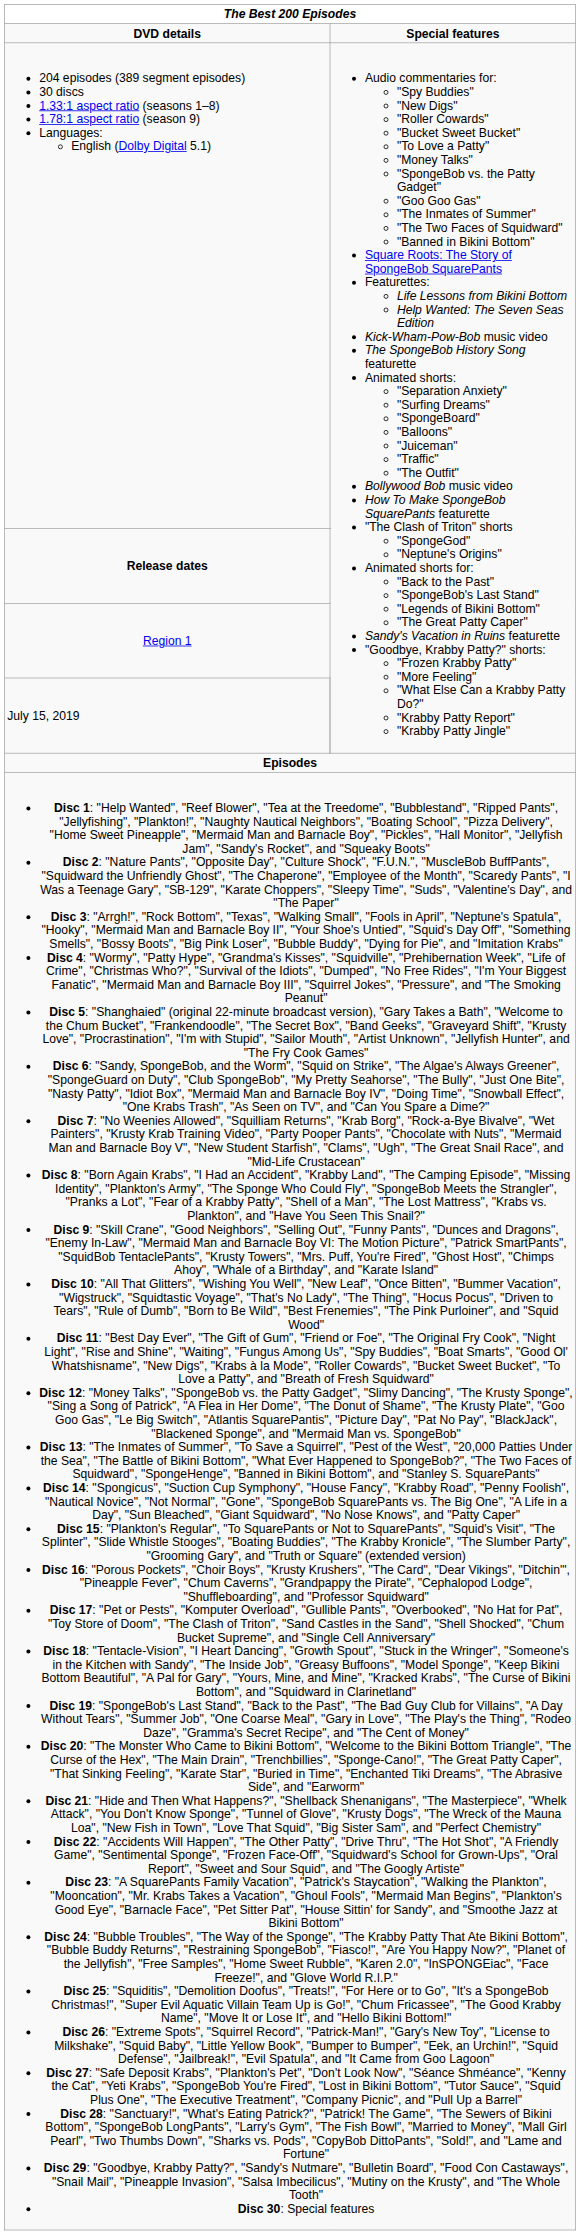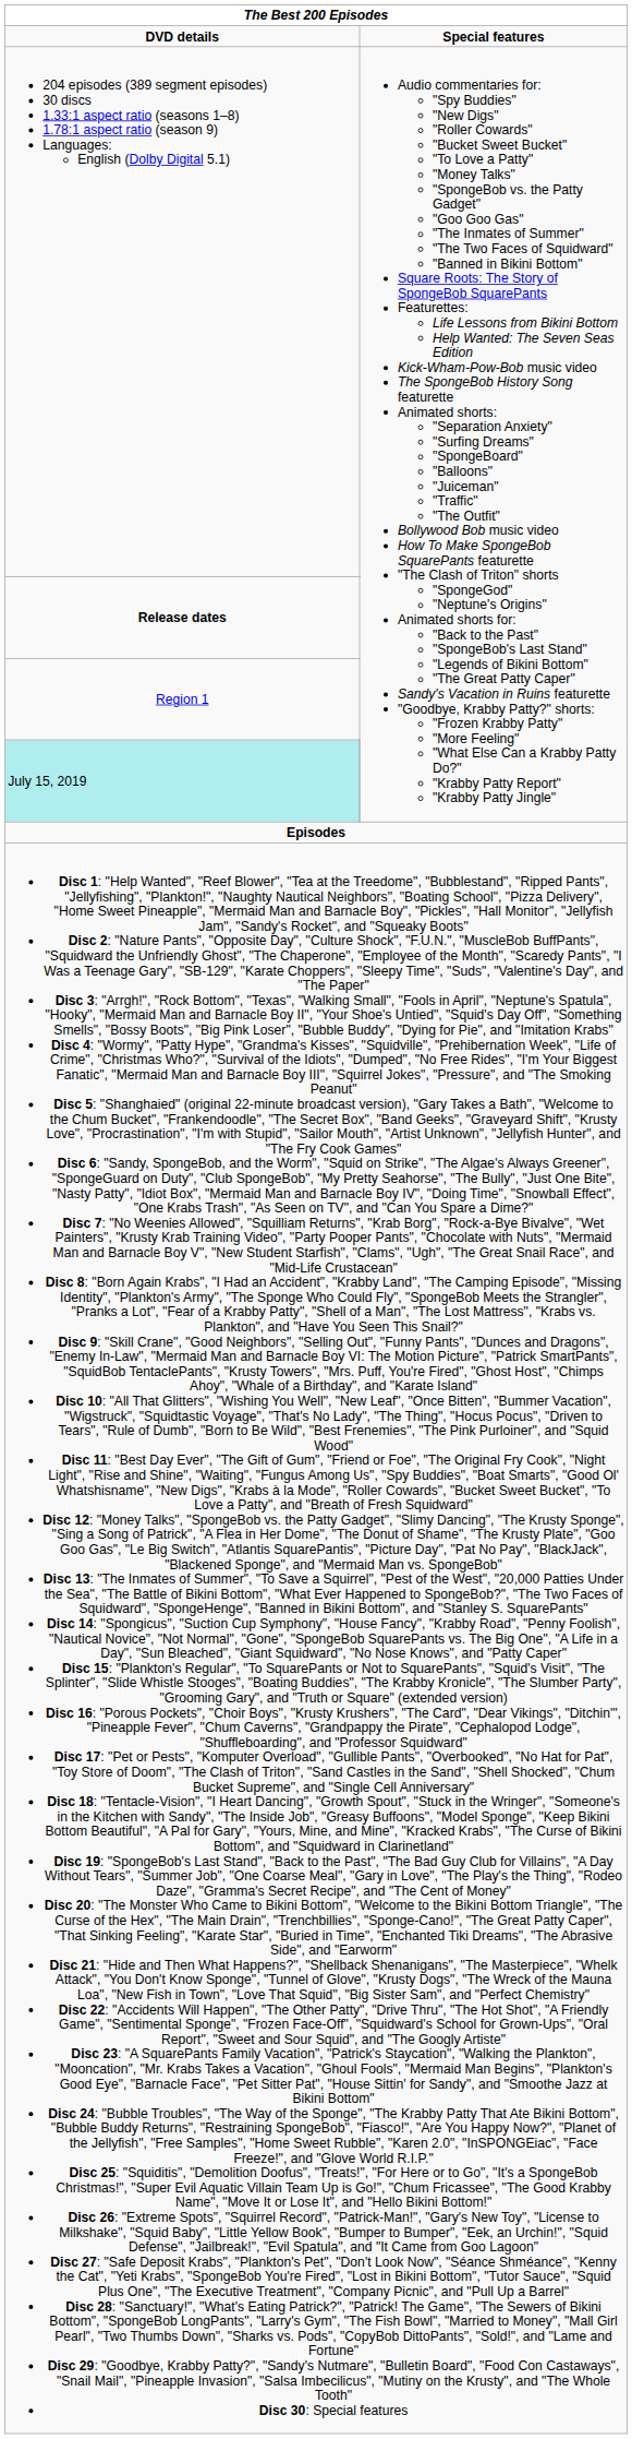 <table class="wikitable" style="font-size: 95%;">
 <tr style="background:#FFF; color:#000;">
 <td colspan="4" align="center"><strong><em>The Best 200 Episodes</em></strong></td>
 </tr>
 <tr valign="top">
 <td style="text-align:center; width:400px;" colspan="3"><strong>DVD details</strong></td>
 <td style="width:300px; text-align:center;"><strong>Special features</strong></td>
 </tr>
 <tr valign="top">
 <td colspan="3" style="text-align:left; width:400px;"><br><ul><li>204 episodes (389 segment episodes)</li><li>30 discs</li><li><a href='#'>1.33:1 aspect ratio</a> (seasons 1–8)</li><li><a href='#'>1.78:1 aspect ratio</a> (season 9)</li><li>Languages:<ul><li>English (<a href='#'>Dolby Digital</a> 5.1)</li></ul></li></ul></td>
 <td rowspan="4" style="text-align:left; width:300px;"><br><ul><li>Audio commentaries for:<ul><li>"Spy Buddies"</li><li>"New Digs"</li><li>"Roller Cowards"</li><li>"Bucket Sweet Bucket"</li><li>"To Love a Patty"</li><li>"Money Talks"</li><li>"SpongeBob vs. the Patty Gadget"</li><li>"Goo Goo Gas"</li><li>"The Inmates of Summer"</li><li>"The Two Faces of Squidward"</li><li>"Banned in Bikini Bottom"</li></ul></li><li><a href='#'>Square Roots: The Story of SpongeBob SquarePants</a></li><li>Featurettes:<ul><li><em>Life Lessons from Bikini Bottom</em></li><li><em>Help Wanted: The Seven Seas Edition</em></li></ul></li><li><em>Kick-Wham-Pow-Bob</em> music video</li><li><em>The SpongeBob History Song</em> featurette</li><li>Animated shorts:<ul><li>"Separation Anxiety"</li><li>"Surfing Dreams"</li><li>"SpongeBoard"</li><li>"Balloons"</li><li>"Juiceman"</li><li>"Traffic"</li><li>"The Outfit"</li></ul></li><li><em>Bollywood Bob</em> music video</li><li><em>How To Make SpongeBob SquarePants</em> featurette</li><li>"The Clash of Triton" shorts<ul><li>"SpongeGod"</li><li>"Neptune's Origins"</li></ul></li><li>Animated shorts for:<ul><li>"Back to the Past"</li><li>"SpongeBob's Last Stand"</li><li>"Legends of Bikini Bottom"</li><li>"The Great Patty Caper"</li></ul></li><li><em>Sandy's Vacation in Ruins</em> featurette</li><li>"Goodbye, Krabby Patty?" shorts:<ul><li>"Frozen Krabby Patty"</li><li>"More Feeling"</li><li>"What Else Can a Krabby Patty Do?"</li><li>"Krabby Patty Report"</li><li>"Krabby Patty Jingle"</li></ul></li></ul></td>
 </tr>
 <tr>
 <td colspan="3" style="text-align:center;"><strong>Release dates</strong></td>
 </tr>
 <tr>
 <td colspan="3" style="text-align:center;"><a href='#'>Region 1</a></td>
 </tr>
 <tr>
-<td>July 15, 2019</td>
+<td style="background: paleturquoise;">July 15, 2019</td>
 </tr>
 <tr>
 <td style="text-align:center; width:400px;" colspan="4"><strong>Episodes</strong></td>
 </tr>
 <tr>
 <td style="text-align:center; width:400px;" colspan="4"><br><ul><li><strong>Disc 1</strong>: "Help Wanted", "Reef Blower", "Tea at the Treedome", "Bubblestand", "Ripped Pants", "Jellyfishing", "Plankton!", "Naughty Nautical Neighbors", "Boating School", "Pizza Delivery", "Home Sweet Pineapple", "Mermaid Man and Barnacle Boy", "Pickles", "Hall Monitor", "Jellyfish Jam", "Sandy's Rocket", and "Squeaky Boots"</li><li><strong>Disc 2</strong>: "Nature Pants", "Opposite Day", "Culture Shock", "F.U.N.", "MuscleBob BuffPants", "Squidward the Unfriendly Ghost", "The Chaperone", "Employee of the Month", "Scaredy Pants", "I Was a Teenage Gary", "SB-129", "Karate Choppers", "Sleepy Time", "Suds", "Valentine's Day", and "The Paper"</li><li><strong>Disc 3</strong>: "Arrgh!", "Rock Bottom", "Texas", "Walking Small", "Fools in April", "Neptune's Spatula", "Hooky", "Mermaid Man and Barnacle Boy II", "Your Shoe's Untied", "Squid's Day Off", "Something Smells", "Bossy Boots", "Big Pink Loser", "Bubble Buddy", "Dying for Pie", and "Imitation Krabs"</li><li><strong>Disc 4</strong>: "Wormy", "Patty Hype", "Grandma's Kisses", "Squidville", "Prehibernation Week", "Life of Crime", "Christmas Who?", "Survival of the Idiots", "Dumped", "No Free Rides", "I'm Your Biggest Fanatic", "Mermaid Man and Barnacle Boy III", "Squirrel Jokes", "Pressure", and "The Smoking Peanut"</li><li><strong>Disc 5</strong>: "Shanghaied" (original 22-minute broadcast version), "Gary Takes a Bath", "Welcome to the Chum Bucket", "Frankendoodle", "The Secret Box", "Band Geeks", "Graveyard Shift", "Krusty Love", "Procrastination", "I'm with Stupid", "Sailor Mouth", "Artist Unknown", "Jellyfish Hunter", and "The Fry Cook Games"</li><li><strong>Disc 6</strong>: "Sandy, SpongeBob, and the Worm", "Squid on Strike", "The Algae's Always Greener", "SpongeGuard on Duty", "Club SpongeBob", "My Pretty Seahorse", "The Bully", "Just One Bite", "Nasty Patty", "Idiot Box", "Mermaid Man and Barnacle Boy IV", "Doing Time", "Snowball Effect", "One Krabs Trash", "As Seen on TV", and "Can You Spare a Dime?"</li><li><strong>Disc 7</strong>: "No Weenies Allowed", "Squilliam Returns", "Krab Borg", "Rock-a-Bye Bivalve", "Wet Painters", "Krusty Krab Training Video", "Party Pooper Pants", "Chocolate with Nuts", "Mermaid Man and Barnacle Boy V", "New Student Starfish", "Clams", "Ugh", "The Great Snail Race", and "Mid-Life Crustacean"</li><li><strong>Disc 8</strong>: "Born Again Krabs", "I Had an Accident", "Krabby Land", "The Camping Episode", "Missing Identity", "Plankton's Army", "The Sponge Who Could Fly", "SpongeBob Meets the Strangler", "Pranks a Lot", "Fear of a Krabby Patty", "Shell of a Man", "The Lost Mattress", "Krabs vs. Plankton", and "Have You Seen This Snail?"</li><li><strong>Disc 9</strong>: "Skill Crane", "Good Neighbors", "Selling Out", "Funny Pants", "Dunces and Dragons", "Enemy In-Law", "Mermaid Man and Barnacle Boy VI: The Motion Picture", "Patrick SmartPants", "SquidBob TentaclePants", "Krusty Towers", "Mrs. Puff, You're Fired", "Ghost Host", "Chimps Ahoy", "Whale of a Birthday", and "Karate Island"</li><li><strong>Disc 10</strong>: "All That Glitters", "Wishing You Well", "New Leaf", "Once Bitten", "Bummer Vacation", "Wigstruck", "Squidtastic Voyage", "That's No Lady", "The Thing", "Hocus Pocus", "Driven to Tears", "Rule of Dumb", "Born to Be Wild", "Best Frenemies", "The Pink Purloiner", and "Squid Wood"</li><li><strong>Disc 11</strong>: "Best Day Ever", "The Gift of Gum", "Friend or Foe", "The Original Fry Cook", "Night Light", "Rise and Shine", "Waiting", "Fungus Among Us", "Spy Buddies", "Boat Smarts", "Good Ol' Whatshisname", "New Digs", "Krabs à la Mode", "Roller Cowards", "Bucket Sweet Bucket", "To Love a Patty", and "Breath of Fresh Squidward"</li><li><strong>Disc 12</strong>: "Money Talks", "SpongeBob vs. the Patty Gadget", "Slimy Dancing", "The Krusty Sponge", "Sing a Song of Patrick", "A Flea in Her Dome", "The Donut of Shame", "The Krusty Plate", "Goo Goo Gas", "Le Big Switch", "Atlantis SquarePantis", "Picture Day", "Pat No Pay", "BlackJack", "Blackened Sponge", and "Mermaid Man vs. SpongeBob"</li><li><strong>Disc 13</strong>: "The Inmates of Summer", "To Save a Squirrel", "Pest of the West", "20,000 Patties Under the Sea", "The Battle of Bikini Bottom", "What Ever Happened to SpongeBob?", "The Two Faces of Squidward", "SpongeHenge", "Banned in Bikini Bottom", and "Stanley S. SquarePants"</li><li><strong>Disc 14</strong>: "Spongicus", "Suction Cup Symphony", "House Fancy", "Krabby Road", "Penny Foolish", "Nautical Novice", "Not Normal", "Gone", "SpongeBob SquarePants vs. The Big One", "A Life in a Day", "Sun Bleached", "Giant Squidward", "No Nose Knows", and "Patty Caper"</li><li><strong>Disc 15</strong>: "Plankton's Regular", "To SquarePants or Not to SquarePants", "Squid's Visit", "The Splinter", "Slide Whistle Stooges", "Boating Buddies", "The Krabby Kronicle", "The Slumber Party", "Grooming Gary", and "Truth or Square" (extended version)</li><li><strong>Disc 16</strong>: "Porous Pockets", "Choir Boys", "Krusty Krushers", "The Card", "Dear Vikings", "Ditchin'", "Pineapple Fever", "Chum Caverns", "Grandpappy the Pirate", "Cephalopod Lodge", "Shuffleboarding", and "Professor Squidward"</li><li><strong>Disc 17</strong>: "Pet or Pests", "Komputer Overload", "Gullible Pants", "Overbooked", "No Hat for Pat", "Toy Store of Doom", "The Clash of Triton", "Sand Castles in the Sand", "Shell Shocked", "Chum Bucket Supreme", and "Single Cell Anniversary"</li><li><strong>Disc 18</strong>: "Tentacle-Vision", "I Heart Dancing", "Growth Spout", "Stuck in the Wringer", "Someone's in the Kitchen with Sandy", "The Inside Job", "Greasy Buffoons", "Model Sponge", "Keep Bikini Bottom Beautiful", "A Pal for Gary", "Yours, Mine, and Mine", "Kracked Krabs", "The Curse of Bikini Bottom", and "Squidward in Clarinetland"</li><li><strong>Disc 19</strong>: "SpongeBob's Last Stand", "Back to the Past", "The Bad Guy Club for Villains", "A Day Without Tears", "Summer Job", "One Coarse Meal", "Gary in Love", "The Play's the Thing", "Rodeo Daze", "Gramma's Secret Recipe", and "The Cent of Money"</li><li><strong>Disc 20</strong>: "The Monster Who Came to Bikini Bottom", "Welcome to the Bikini Bottom Triangle", "The Curse of the Hex", "The Main Drain", "Trenchbillies", "Sponge-Cano!", "The Great Patty Caper", "That Sinking Feeling", "Karate Star", "Buried in Time", "Enchanted Tiki Dreams", "The Abrasive Side", and "Earworm"</li><li><strong>Disc 21</strong>: "Hide and Then What Happens?", "Shellback Shenanigans", "The Masterpiece", "Whelk Attack", "You Don't Know Sponge", "Tunnel of Glove", "Krusty Dogs", "The Wreck of the Mauna Loa", "New Fish in Town", "Love That Squid", "Big Sister Sam", and "Perfect Chemistry"</li><li><strong>Disc 22</strong>: "Accidents Will Happen", "The Other Patty", "Drive Thru", "The Hot Shot", "A Friendly Game", "Sentimental Sponge", "Frozen Face-Off", "Squidward's School for Grown-Ups", "Oral Report", "Sweet and Sour Squid", and "The Googly Artiste"</li><li><strong>Disc 23</strong>: "A SquarePants Family Vacation", "Patrick's Staycation", "Walking the Plankton", "Mooncation", "Mr. Krabs Takes a Vacation", "Ghoul Fools", "Mermaid Man Begins", "Plankton's Good Eye", "Barnacle Face", "Pet Sitter Pat", "House Sittin' for Sandy", and "Smoothe Jazz at Bikini Bottom"</li><li><strong>Disc 24</strong>: "Bubble Troubles", "The Way of the Sponge", "The Krabby Patty That Ate Bikini Bottom", "Bubble Buddy Returns", "Restraining SpongeBob", "Fiasco!", "Are You Happy Now?", "Planet of the Jellyfish", "Free Samples", "Home Sweet Rubble", "Karen 2.0", "InSPONGEiac", "Face Freeze!", and "Glove World R.I.P."</li><li><strong>Disc 25</strong>: "Squiditis", "Demolition Doofus", "Treats!", "For Here or to Go", "It's a SpongeBob Christmas!", "Super Evil Aquatic Villain Team Up is Go!", "Chum Fricassee", "The Good Krabby Name", "Move It or Lose It", and "Hello Bikini Bottom!"</li><li><strong>Disc 26</strong>: "Extreme Spots", "Squirrel Record", "Patrick-Man!", "Gary's New Toy", "License to Milkshake", "Squid Baby", "Little Yellow Book", "Bumper to Bumper", "Eek, an Urchin!", "Squid Defense", "Jailbreak!", "Evil Spatula", and "It Came from Goo Lagoon"</li><li><strong>Disc 27</strong>: "Safe Deposit Krabs", "Plankton's Pet", "Don't Look Now", "Séance Shméance", "Kenny the Cat", "Yeti Krabs", "SpongeBob You're Fired", "Lost in Bikini Bottom", "Tutor Sauce", "Squid Plus One", "The Executive Treatment", "Company Picnic", and "Pull Up a Barrel"</li><li><strong>Disc 28</strong>: "Sanctuary!", "What's Eating Patrick?", "Patrick! The Game", "The Sewers of Bikini Bottom", "SpongeBob LongPants", "Larry's Gym", "The Fish Bowl", "Married to Money", "Mall Girl Pearl", "Two Thumbs Down", "Sharks vs. Pods", "CopyBob DittoPants", "Sold!", and "Lame and Fortune"</li><li><strong>Disc 29</strong>: "Goodbye, Krabby Patty?", "Sandy's Nutmare", "Bulletin Board", "Food Con Castaways", "Snail Mail", "Pineapple Invasion", "Salsa Imbecilicus", "Mutiny on the Krusty", and "The Whole Tooth"</li><li><strong>Disc 30</strong>: Special features</li></ul></td>
 </tr>
 </table>
